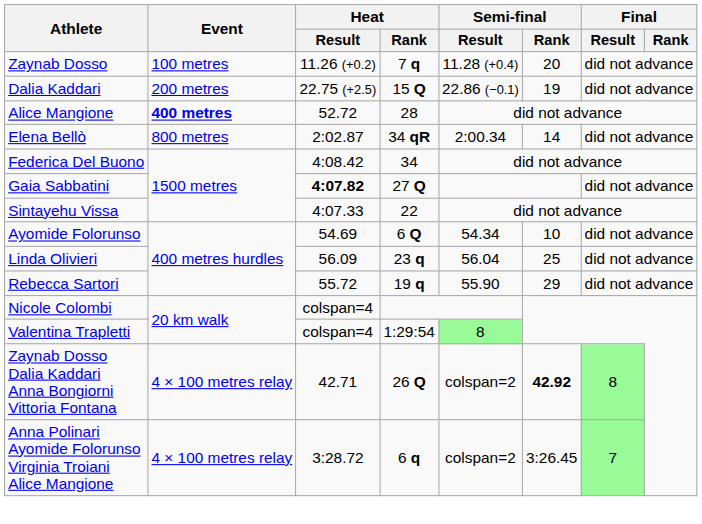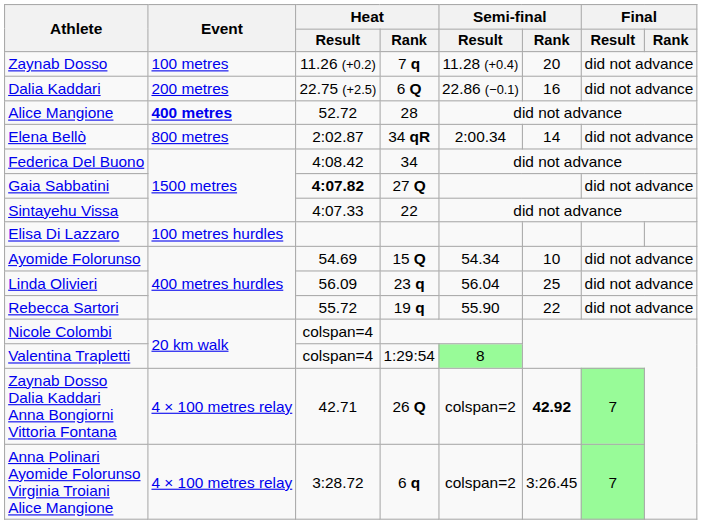 <table class=wikitable style=font-size:90%>
 <tr>
 <th rowspan=2>Athlete</th>
 <th rowspan=2>Event</th>
 <th colspan=2>Heat</th>
 <th colspan=2>Semi-final</th>
 <th colspan=2>Final</th>
 </tr>
 <tr style=font-size:95%>
 <th>Result</th>
 <th>Rank</th>
 <th>Result</th>
 <th>Rank</th>
 <th>Result</th>
 <th>Rank</th>
 </tr>
 <tr align=center>
 <td align=left><a href='#'>Zaynab Dosso</a></td>
 <td align=left><a href='#'>100 metres</a></td>
 <td>11.26 <small>(+0.2)</small></td>
 <td>7 <strong>q</strong></td>
 <td>11.28 <small>(+0.4)</small></td>
 <td>20</td>
 <td colspan=2>did not advance</td>
 </tr>
 <tr align=center>
 <td align=left><a href='#'>Dalia Kaddari</a></td>
 <td align=left><a href='#'>200 metres</a></td>
 <td>22.75 <small>(+2.5)</small></td>
-<td>15 <strong>Q</strong></td>
+<td>6 <strong>Q</strong></td>
 <td>22.86 <small>(−0.1)</small></td>
-<td>19</td>
+<td>16</td>
 <td colspan=2>did not advance</td>
 </tr>
 <tr align=center>
 <td align=left><a href='#'>Alice Mangione</a></td>
 <td align=left><strong><a href='#'>400 metres</a></strong></td>
 <td>52.72</td>
 <td>28</td>
 <td colspan=4>did not advance</td>
 </tr>
 <tr align=center>
 <td align=left><a href='#'>Elena Bellò</a></td>
 <td align=left><a href='#'>800 metres</a></td>
 <td>2:02.87</td>
 <td>34 <strong>qR</strong></td>
 <td>2:00.34</td>
 <td>14</td>
 <td colspan=2>did not advance</td>
 </tr>
 <tr align=center>
 <td align=left><a href='#'>Federica Del Buono</a></td>
 <td align=left rowspan=3><a href='#'>1500 metres</a></td>
 <td>4:08.42</td>
 <td>34</td>
 <td colspan=4>did not advance</td>
 </tr>
 <tr align=center>
 <td align=left><a href='#'>Gaia Sabbatini</a></td>
 <td><strong>4:07.82</strong></td>
 <td>27 <strong>Q</strong></td>
 <td colspan=2></td>
 <td colspan=2>did not advance</td>
 </tr>
 <tr align=center>
 <td align=left><a href='#'>Sintayehu Vissa</a></td>
 <td>4:07.33</td>
 <td>22</td>
 <td colspan=4>did not advance</td>
 </tr>
 <tr align=center>
+<td align=left><a href='#'>Elisa Di Lazzaro</a></td>
+<td align=left><a href='#'>100 metres hurdles</a></td>
+<td></td>
+<td></td>
+<td></td>
+<td></td>
+<td></td>
+<td></td>
+</tr>
+<tr align=center>
 <td align=left><a href='#'>Ayomide Folorunso</a></td>
 <td align=left rowspan=3><a href='#'>400 metres hurdles</a></td>
 <td>54.69</td>
-<td>6 <strong>Q</strong></td>
+<td>15 <strong>Q</strong></td>
 <td>54.34 </td>
 <td>10</td>
 <td colspan=2>did not advance</td>
 </tr>
 <tr align=center>
 <td align=left><a href='#'>Linda Olivieri</a></td>
 <td>56.09</td>
 <td>23 <strong>q</strong></td>
 <td>56.04</td>
 <td>25</td>
 <td colspan=2>did not advance</td>
 </tr>
 <tr align=center>
 <td align=left><a href='#'>Rebecca Sartori</a></td>
 <td>55.72</td>
 <td>19 <strong>q</strong></td>
 <td>55.90</td>
-<td>29</td>
+<td>22</td>
 <td colspan=2>did not advance</td>
 </tr>
 <tr align=center>
 <td align=left><a href='#'>Nicole Colombi</a></td>
 <td align=left rowspan=2><a href='#'>20 km walk</a></td>
 <td>colspan=4</td>
 <td colspan=2></td>
 </tr>
 <tr align=center>
 <td align=left><a href='#'>Valentina Trapletti</a></td>
 <td>colspan=4</td>
 <td>1:29:54</td>
 <td bgcolor=palegreen>8</td>
 </tr>
 <tr align=center>
 <td align=left><a href='#'>Zaynab Dosso</a><br><a href='#'>Dalia Kaddari</a><br><a href='#'>Anna Bongiorni</a><br><a href='#'>Vittoria Fontana</a></td>
 <td align=left><a href='#'>4 × 100 metres relay</a></td>
 <td>42.71 </td>
 <td>26 <strong>Q</strong></td>
 <td>colspan=2</td>
 <td><strong>42.92</strong></td>
-<td bgcolor=palegreen>8</td>
+<td bgcolor=palegreen>7</td>
 </tr>
 <tr align=center>
 <td align=left><a href='#'>Anna Polinari</a><br><a href='#'>Ayomide Folorunso</a><br><a href='#'>Virginia Troiani</a><br><a href='#'>Alice Mangione</a></td>
 <td align=left><a href='#'>4 × 100 metres relay</a></td>
 <td>3:28.72 </td>
 <td>6 <strong>q</strong></td>
 <td>colspan=2</td>
 <td>3:26.45 </td>
 <td bgcolor=palegreen>7</td>
 </tr>
 </table>
